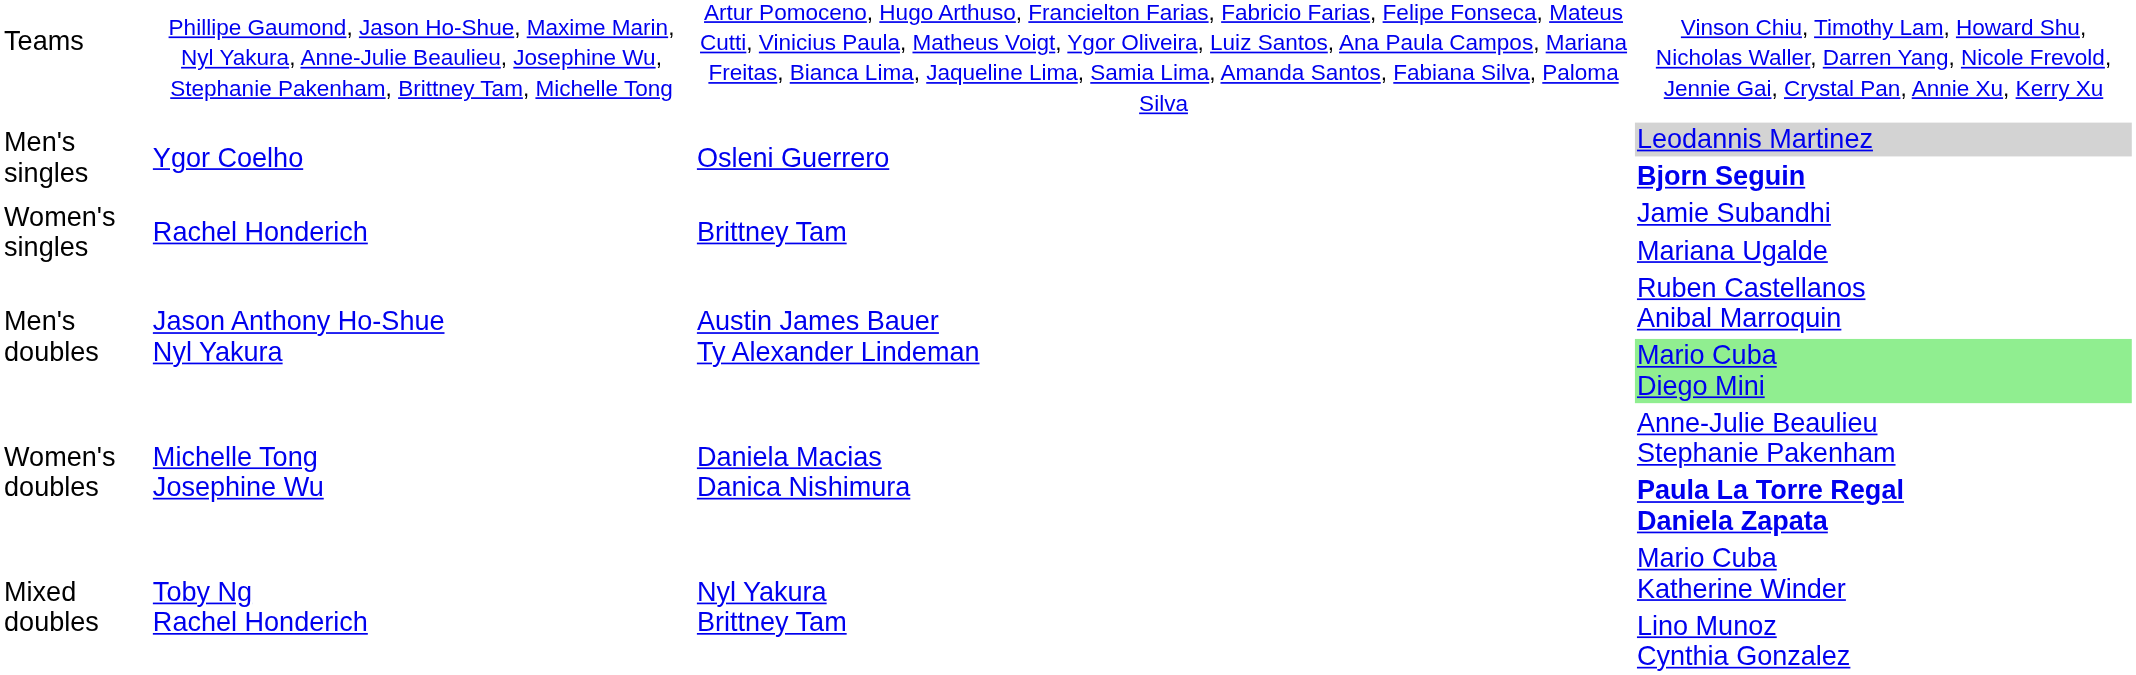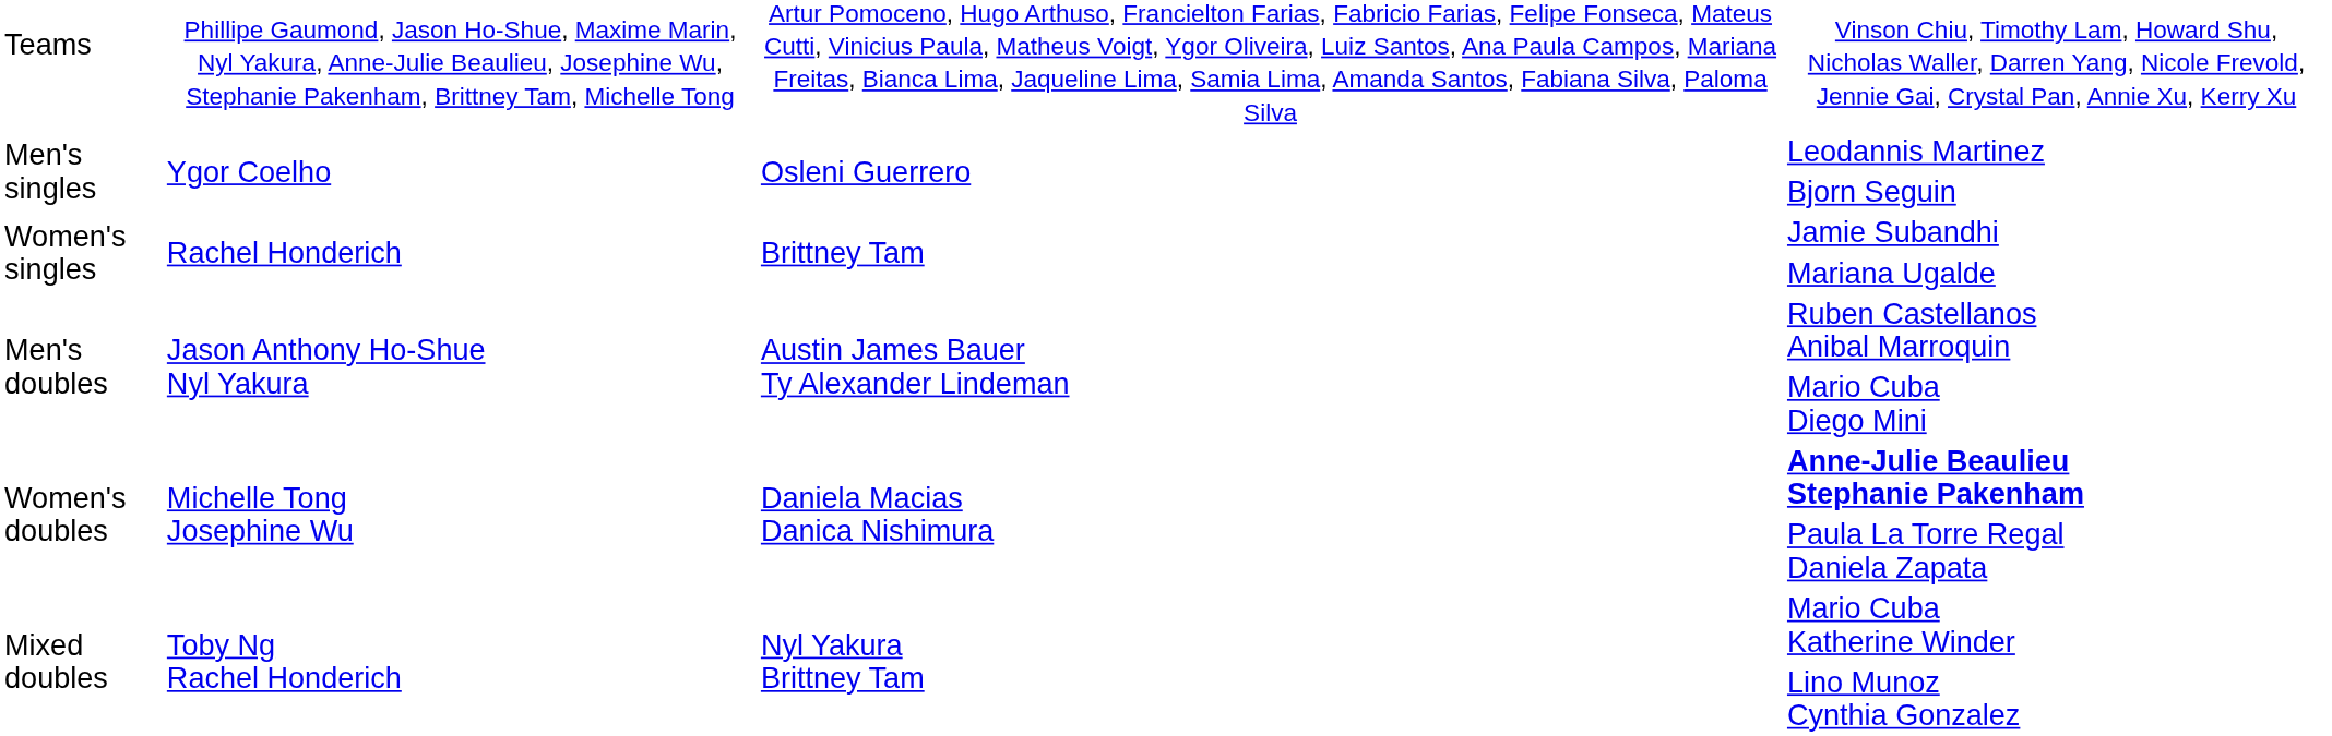 <table>
 <tr>
 </tr>
 <tr>
 <td>Teams</td>
 <td align="center"><small><br><a href='#'>Phillipe Gaumond</a>, <a href='#'>Jason Ho-Shue</a>, <a href='#'>Maxime Marin</a>, <a href='#'>Nyl Yakura</a>, <a href='#'>Anne-Julie Beaulieu</a>, <a href='#'>Josephine Wu</a>, <a href='#'>Stephanie Pakenham</a>, <a href='#'>Brittney Tam</a>, <a href='#'>Michelle Tong</a></small></td>
 <td align="center"><small><br><a href='#'>Artur Pomoceno</a>, <a href='#'>Hugo Arthuso</a>, <a href='#'>Francielton Farias</a>, <a href='#'>Fabricio Farias</a>, <a href='#'>Felipe Fonseca</a>,  <a href='#'>Mateus Cutti</a>, <a href='#'>Vinicius Paula</a>, <a href='#'>Matheus Voigt</a>, <a href='#'>Ygor Oliveira</a>, <a href='#'>Luiz Santos</a>, <a href='#'>Ana Paula Campos</a>, <a href='#'>Mariana Freitas</a>, <a href='#'>Bianca Lima</a>, <a href='#'>Jaqueline Lima</a>, <a href='#'>Samia Lima</a>, <a href='#'>Amanda Santos</a>, <a href='#'>Fabiana Silva</a>, <a href='#'>Paloma Silva</a></small></td>
 <td align="center"><small><br><a href='#'>Vinson Chiu</a>, <a href='#'>Timothy Lam</a>, <a href='#'>Howard Shu</a>, <a href='#'>Nicholas Waller</a>, <a href='#'>Darren Yang</a>, <a href='#'>Nicole Frevold</a>, <a href='#'>Jennie Gai</a>, <a href='#'>Crystal Pan</a>, <a href='#'>Annie Xu</a>, <a href='#'>Kerry Xu</a></small></td>
 </tr>
 <tr>
 <td rowspan=2>Men's singles</td>
 <td rowspan=2> <a href='#'>Ygor Coelho</a></td>
 <td rowspan=2> <a href='#'>Osleni Guerrero</a></td>
-<td style="background: lightgrey;"> <a href='#'>Leodannis Martinez</a></td>
+<td> <a href='#'>Leodannis Martinez</a></td>
 </tr>
 <tr>
-<td><strong> <a href='#'>Bjorn Seguin</a></strong></td>
+<td> <a href='#'>Bjorn Seguin</a></td>
 </tr>
 <tr>
 <td rowspan=2>Women's singles</td>
 <td rowspan=2> <a href='#'>Rachel Honderich</a></td>
 <td rowspan=2> <a href='#'>Brittney Tam</a></td>
 <td> <a href='#'>Jamie Subandhi</a></td>
 </tr>
 <tr>
 <td> <a href='#'>Mariana Ugalde</a></td>
 </tr>
 <tr>
 <td rowspan=2>Men's doubles</td>
 <td rowspan=2> <a href='#'>Jason Anthony Ho-Shue</a> <br>  <a href='#'>Nyl Yakura</a></td>
 <td rowspan=2> <a href='#'>Austin James Bauer</a> <br>  <a href='#'>Ty Alexander Lindeman</a></td>
 <td> <a href='#'>Ruben Castellanos</a> <br>  <a href='#'>Anibal Marroquin</a></td>
 </tr>
 <tr>
-<td style="background: lightgreen;"> <a href='#'>Mario Cuba</a> <br>  <a href='#'>Diego Mini</a></td>
+<td> <a href='#'>Mario Cuba</a> <br>  <a href='#'>Diego Mini</a></td>
 </tr>
 <tr>
 <td rowspan=2>Women's doubles</td>
 <td rowspan=2> <a href='#'>Michelle Tong</a> <br>  <a href='#'>Josephine Wu</a></td>
 <td rowspan=2> <a href='#'>Daniela Macias</a> <br>  <a href='#'>Danica Nishimura</a></td>
-<td> <a href='#'>Anne-Julie Beaulieu</a> <br>  <a href='#'>Stephanie Pakenham</a></td>
+<td><strong> <a href='#'>Anne-Julie Beaulieu</a> <br>  <a href='#'>Stephanie Pakenham</a></strong></td>
 </tr>
 <tr>
-<td><strong> <a href='#'>Paula La Torre Regal</a> <br>  <a href='#'>Daniela Zapata</a></strong></td>
+<td> <a href='#'>Paula La Torre Regal</a> <br>  <a href='#'>Daniela Zapata</a></td>
 </tr>
 <tr>
 <td rowspan=2>Mixed doubles</td>
 <td rowspan=2> <a href='#'>Toby Ng</a> <br>  <a href='#'>Rachel Honderich</a></td>
 <td rowspan=2> <a href='#'>Nyl Yakura</a> <br>  <a href='#'>Brittney Tam</a></td>
 <td> <a href='#'>Mario Cuba</a> <br>  <a href='#'>Katherine Winder</a></td>
 </tr>
 <tr>
 <td> <a href='#'>Lino Munoz</a> <br>  <a href='#'>Cynthia Gonzalez</a></td>
 </tr>
 </table>
